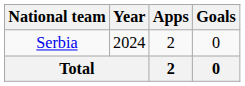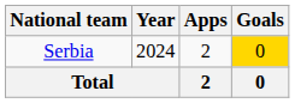 <table class="wikitable" style="text-align:center">
 <tr>
 <th>National team</th>
 <th>Year</th>
 <th>Apps</th>
 <th>Goals</th>
 </tr>
 <tr>
 <td rowspan="1"><a href='#'>Serbia</a></td>
 <td>2024</td>
 <td>2</td>
-<td>0</td>
+<td style="background: gold;">0</td>
 </tr>
 <tr>
 <th colspan="2">Total</th>
 <th>2</th>
 <th>0</th>
 </tr>
 </table>
